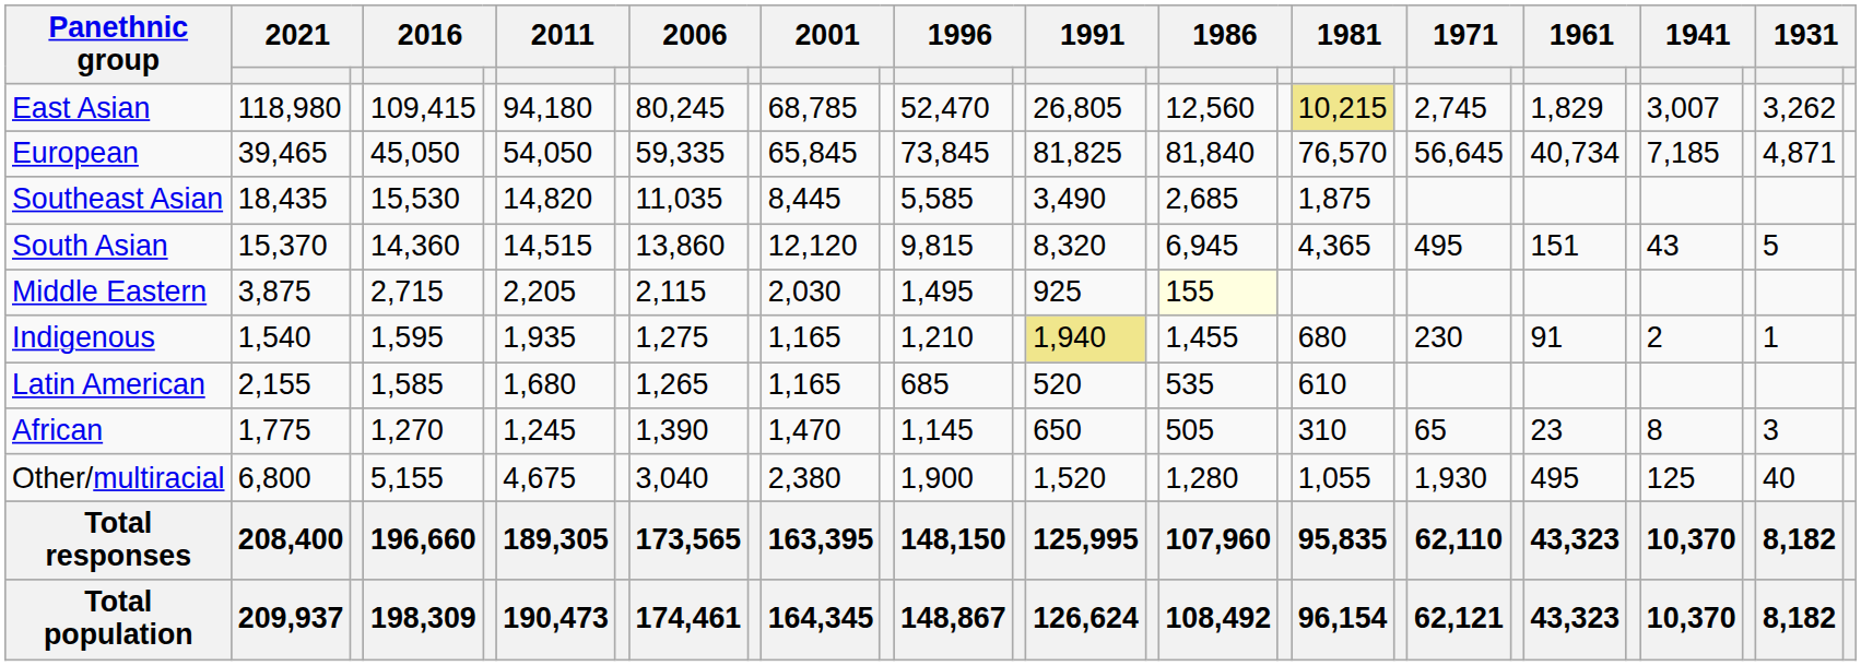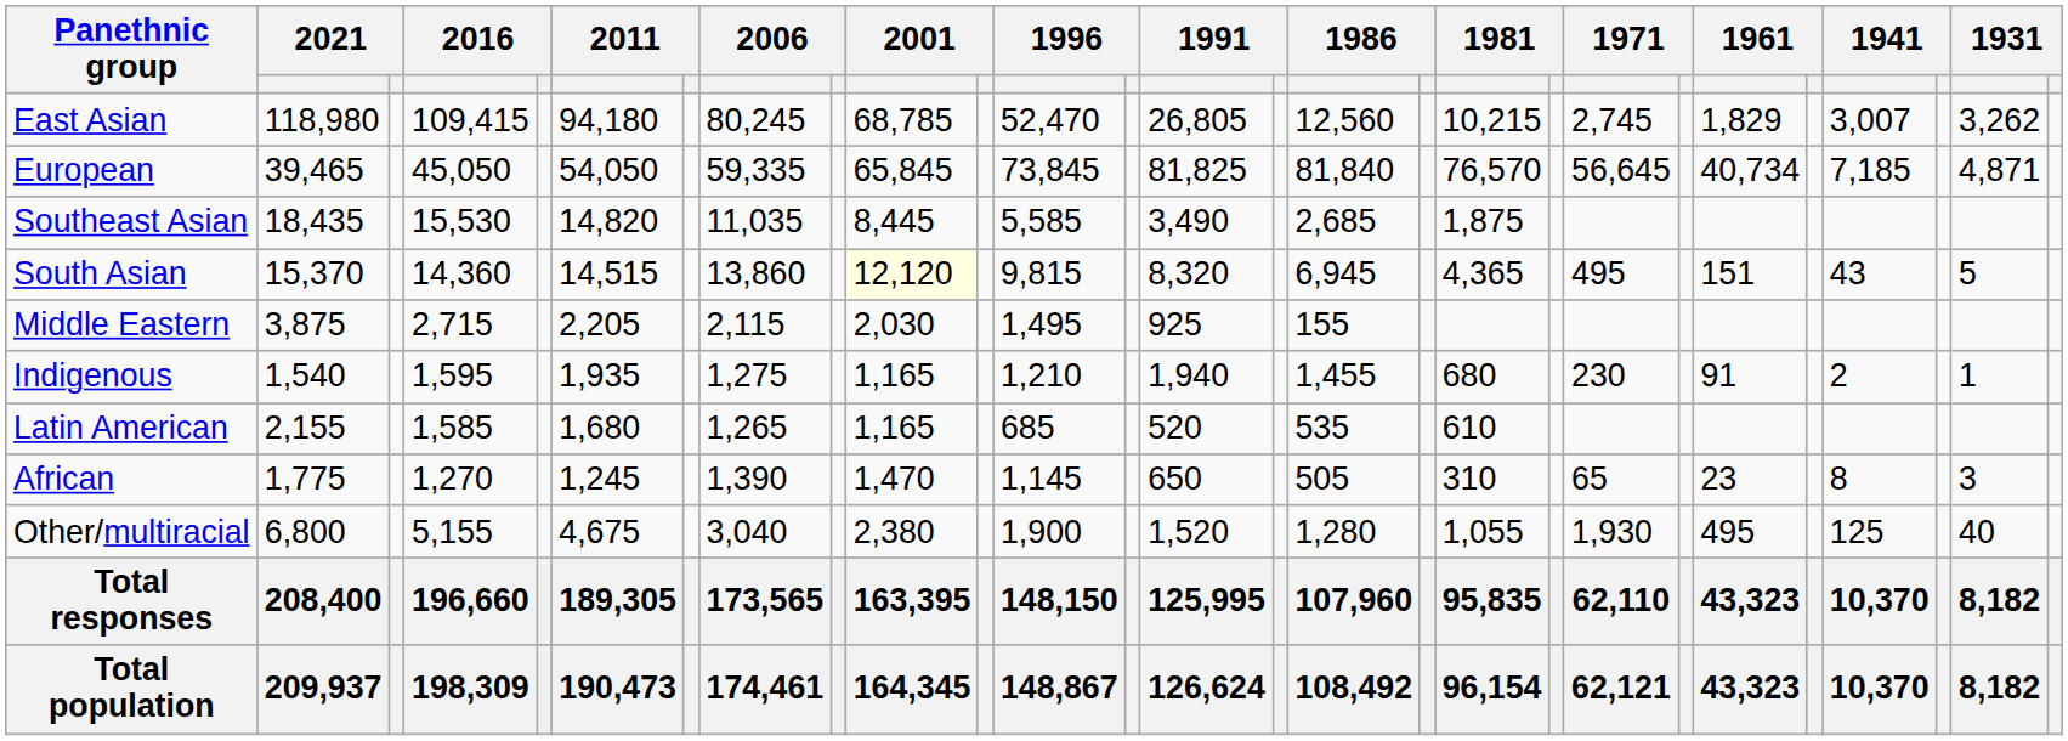 <table class="wikitable mw-datatable">
 <tr>
 <th rowspan="2"><a href='#'>Panethnic</a> group</th>
 <th colspan="2">2021</th>
 <th colspan="2">2016</th>
 <th colspan="2">2011</th>
 <th colspan="2">2006</th>
 <th colspan="2">2001</th>
 <th colspan="2">1996</th>
 <th colspan="2">1991</th>
 <th colspan="2">1986</th>
 <th colspan="2">1981</th>
 <th colspan="2">1971</th>
 <th colspan="2">1961</th>
 <th colspan="2">1941</th>
 <th colspan="2">1931</th>
 </tr>
 <tr>
 <th><a href='#'></a></th>
 <th></th>
 <th></th>
 <th></th>
 <th></th>
 <th></th>
 <th></th>
 <th></th>
 <th></th>
 <th></th>
 <th></th>
 <th></th>
 <th></th>
 <th></th>
 <th></th>
 <th></th>
 <th></th>
 <th></th>
 <th></th>
 <th></th>
 <th></th>
 <th></th>
 <th></th>
 <th></th>
 <th></th>
 <th></th>
 </tr>
 <tr>
 <td><a href='#'>East Asian</a></td>
 <td>118,980</td>
 <td></td>
 <td>109,415</td>
 <td></td>
 <td>94,180</td>
 <td></td>
 <td>80,245</td>
 <td></td>
 <td>68,785</td>
 <td></td>
 <td>52,470</td>
 <td></td>
 <td>26,805</td>
 <td></td>
 <td>12,560</td>
 <td></td>
-<td style="background: khaki;">10,215</td>
+<td>10,215</td>
 <td></td>
 <td>2,745</td>
 <td></td>
 <td>1,829</td>
 <td></td>
 <td>3,007</td>
 <td></td>
 <td>3,262</td>
 <td></td>
 </tr>
 <tr>
 <td><a href='#'>European</a></td>
 <td>39,465</td>
 <td></td>
 <td>45,050</td>
 <td></td>
 <td>54,050</td>
 <td></td>
 <td>59,335</td>
 <td></td>
 <td>65,845</td>
 <td></td>
 <td>73,845</td>
 <td></td>
 <td>81,825</td>
 <td></td>
 <td>81,840</td>
 <td></td>
 <td>76,570</td>
 <td></td>
 <td>56,645</td>
 <td></td>
 <td>40,734</td>
 <td></td>
 <td>7,185</td>
 <td></td>
 <td>4,871</td>
 <td></td>
 </tr>
 <tr>
 <td><a href='#'>Southeast Asian</a></td>
 <td>18,435</td>
 <td></td>
 <td>15,530</td>
 <td></td>
 <td>14,820</td>
 <td></td>
 <td>11,035</td>
 <td></td>
 <td>8,445</td>
 <td></td>
 <td>5,585</td>
 <td></td>
 <td>3,490</td>
 <td></td>
 <td>2,685</td>
 <td></td>
 <td>1,875</td>
 <td></td>
 <td></td>
 <td></td>
 <td></td>
 <td></td>
 <td></td>
 <td></td>
 <td></td>
 <td></td>
 </tr>
 <tr>
 <td><a href='#'>South Asian</a></td>
 <td>15,370</td>
 <td></td>
 <td>14,360</td>
 <td></td>
 <td>14,515</td>
 <td></td>
 <td>13,860</td>
 <td></td>
-<td>12,120</td>
+<td style="background: lightyellow;">12,120</td>
 <td></td>
 <td>9,815</td>
 <td></td>
 <td>8,320</td>
 <td></td>
 <td>6,945</td>
 <td></td>
 <td>4,365</td>
 <td></td>
 <td>495</td>
 <td></td>
 <td>151</td>
 <td></td>
 <td>43</td>
 <td></td>
 <td>5</td>
 <td></td>
 </tr>
 <tr>
 <td><a href='#'>Middle Eastern</a></td>
 <td>3,875</td>
 <td></td>
 <td>2,715</td>
 <td></td>
 <td>2,205</td>
 <td></td>
 <td>2,115</td>
 <td></td>
 <td>2,030</td>
 <td></td>
 <td>1,495</td>
 <td></td>
 <td>925</td>
 <td></td>
-<td style="background: lightyellow;">155</td>
+<td>155</td>
 <td></td>
 <td></td>
 <td></td>
 <td></td>
 <td></td>
 <td></td>
 <td></td>
 <td></td>
 <td></td>
 <td></td>
 <td></td>
 </tr>
 <tr>
 <td><a href='#'>Indigenous</a></td>
 <td>1,540</td>
 <td></td>
 <td>1,595</td>
 <td></td>
 <td>1,935</td>
 <td></td>
 <td>1,275</td>
 <td></td>
 <td>1,165</td>
 <td></td>
 <td>1,210</td>
 <td></td>
-<td style="background: khaki;">1,940</td>
+<td>1,940</td>
 <td></td>
 <td>1,455</td>
 <td></td>
 <td>680</td>
 <td></td>
 <td>230</td>
 <td></td>
 <td>91</td>
 <td></td>
 <td>2</td>
 <td></td>
 <td>1</td>
 <td></td>
 </tr>
 <tr>
 <td><a href='#'>Latin American</a></td>
 <td>2,155</td>
 <td></td>
 <td>1,585</td>
 <td></td>
 <td>1,680</td>
 <td></td>
 <td>1,265</td>
 <td></td>
 <td>1,165</td>
 <td></td>
 <td>685</td>
 <td></td>
 <td>520</td>
 <td></td>
 <td>535</td>
 <td></td>
 <td>610</td>
 <td></td>
 <td></td>
 <td></td>
 <td></td>
 <td></td>
 <td></td>
 <td></td>
 <td></td>
 <td></td>
 </tr>
 <tr>
 <td><a href='#'>African</a></td>
 <td>1,775</td>
 <td></td>
 <td>1,270</td>
 <td></td>
 <td>1,245</td>
 <td></td>
 <td>1,390</td>
 <td></td>
 <td>1,470</td>
 <td></td>
 <td>1,145</td>
 <td></td>
 <td>650</td>
 <td></td>
 <td>505</td>
 <td></td>
 <td>310</td>
 <td></td>
 <td>65</td>
 <td></td>
 <td>23</td>
 <td></td>
 <td>8</td>
 <td></td>
 <td>3</td>
 <td></td>
 </tr>
 <tr>
 <td>Other/<a href='#'>multiracial</a></td>
 <td>6,800</td>
 <td></td>
 <td>5,155</td>
 <td></td>
 <td>4,675</td>
 <td></td>
 <td>3,040</td>
 <td></td>
 <td>2,380</td>
 <td></td>
 <td>1,900</td>
 <td></td>
 <td>1,520</td>
 <td></td>
 <td>1,280</td>
 <td></td>
 <td>1,055</td>
 <td></td>
 <td>1,930</td>
 <td></td>
 <td>495</td>
 <td></td>
 <td>125</td>
 <td></td>
 <td>40</td>
 <td></td>
 </tr>
 <tr>
 <th>Total responses</th>
 <th>208,400</th>
 <th></th>
 <th>196,660</th>
 <th></th>
 <th>189,305</th>
 <th></th>
 <th>173,565</th>
 <th></th>
 <th>163,395</th>
 <th></th>
 <th>148,150</th>
 <th></th>
 <th>125,995</th>
 <th></th>
 <th>107,960</th>
 <th></th>
 <th>95,835</th>
 <th></th>
 <th>62,110</th>
 <th></th>
 <th>43,323</th>
 <th></th>
 <th>10,370</th>
 <th></th>
 <th>8,182</th>
 <th></th>
 </tr>
 <tr>
 <th>Total population</th>
 <th>209,937</th>
 <th></th>
 <th>198,309</th>
 <th></th>
 <th>190,473</th>
 <th></th>
 <th>174,461</th>
 <th></th>
 <th>164,345</th>
 <th></th>
 <th>148,867</th>
 <th></th>
 <th>126,624</th>
 <th></th>
 <th>108,492</th>
 <th></th>
 <th>96,154</th>
 <th></th>
 <th>62,121</th>
 <th></th>
 <th>43,323</th>
 <th></th>
 <th>10,370</th>
 <th></th>
 <th>8,182</th>
 <th></th>
 </tr>
 </table>
